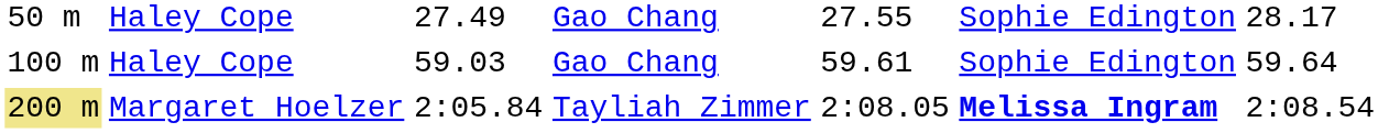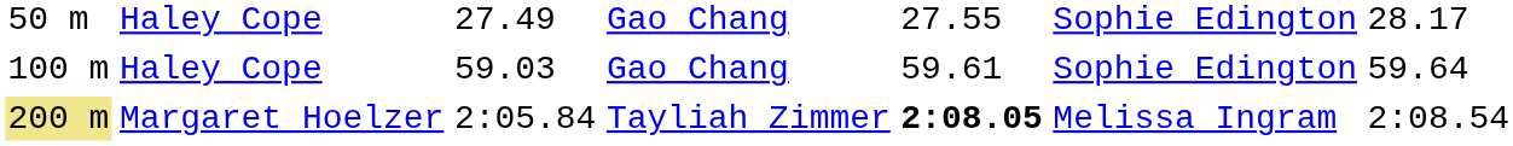 <table>
 <tr>
 <td>50 m</td>
 <td> <a href='#'>Haley Cope</a></td>
 <td>27.49</td>
 <td> <a href='#'>Gao Chang</a></td>
 <td>27.55</td>
 <td> <a href='#'>Sophie Edington</a></td>
 <td>28.17</td>
 </tr>
 <tr>
 <td>100 m</td>
 <td> <a href='#'>Haley Cope</a></td>
 <td>59.03</td>
 <td> <a href='#'>Gao Chang</a></td>
 <td>59.61</td>
 <td> <a href='#'>Sophie Edington</a></td>
 <td>59.64</td>
 </tr>
 <tr>
 <td style="background: khaki;">200 m</td>
 <td> <a href='#'>Margaret Hoelzer</a></td>
 <td>2:05.84</td>
 <td> <a href='#'>Tayliah Zimmer</a></td>
-<td>2:08.05</td>
-<td><strong> <a href='#'>Melissa Ingram</a></strong></td>
+<td><strong>2:08.05</strong></td>
+<td> <a href='#'>Melissa Ingram</a></td>
 <td>2:08.54</td>
 </tr>
 </table>
